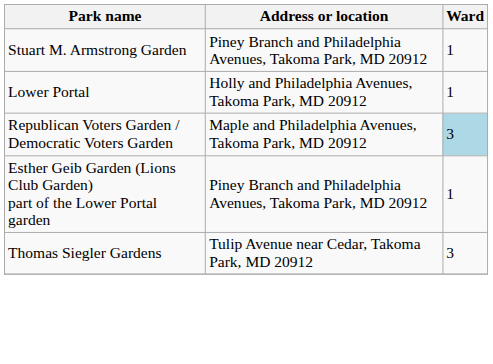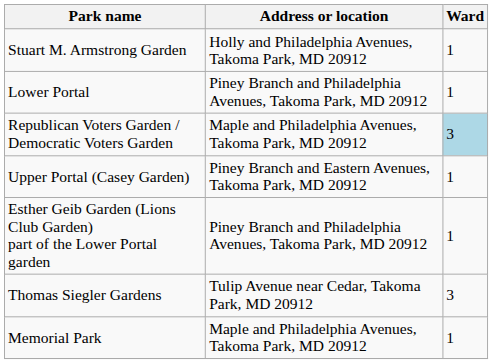 <table class="wikitable" style="width: 80%;">
 <tr>
 <th>Park name</th>
 <th>Address or location</th>
 <th>Ward</th>
 </tr>
 <tr>
 <td>Stuart M. Armstrong Garden</td>
-<td>Piney Branch and Philadelphia Avenues, Takoma Park, MD 20912</td>
+<td>Holly and Philadelphia Avenues, Takoma Park, MD 20912</td>
 <td>1</td>
 </tr>
 <tr>
 <td>Lower Portal</td>
-<td>Holly and Philadelphia Avenues, Takoma Park, MD 20912</td>
+<td>Piney Branch and Philadelphia Avenues, Takoma Park, MD 20912</td>
 <td>1</td>
 </tr>
 <tr>
 <td>Republican Voters Garden / Democratic Voters Garden</td>
 <td>Maple and Philadelphia Avenues, Takoma Park, MD 20912</td>
 <td style="background: lightblue;">3</td>
+</tr>
+<tr>
+<td>Upper Portal (Casey Garden)</td>
+<td>Piney Branch and Eastern Avenues, Takoma Park, MD 20912</td>
+<td>1</td>
 </tr>
 <tr>
 <td>Esther Geib Garden (Lions Club Garden)<br>part of the Lower Portal garden</td>
 <td>Piney Branch and Philadelphia Avenues, Takoma Park, MD 20912</td>
 <td>1</td>
 </tr>
 <tr>
 <td>Thomas Siegler Gardens</td>
 <td>Tulip Avenue near Cedar, Takoma Park, MD 20912</td>
 <td>3</td>
 </tr>
 <tr>
+<td>Memorial Park</td>
+<td>Maple and Philadelphia Avenues, Takoma Park, MD 20912</td>
+<td>1</td>
+</tr>
+<tr>
 </tr>
 </table>
